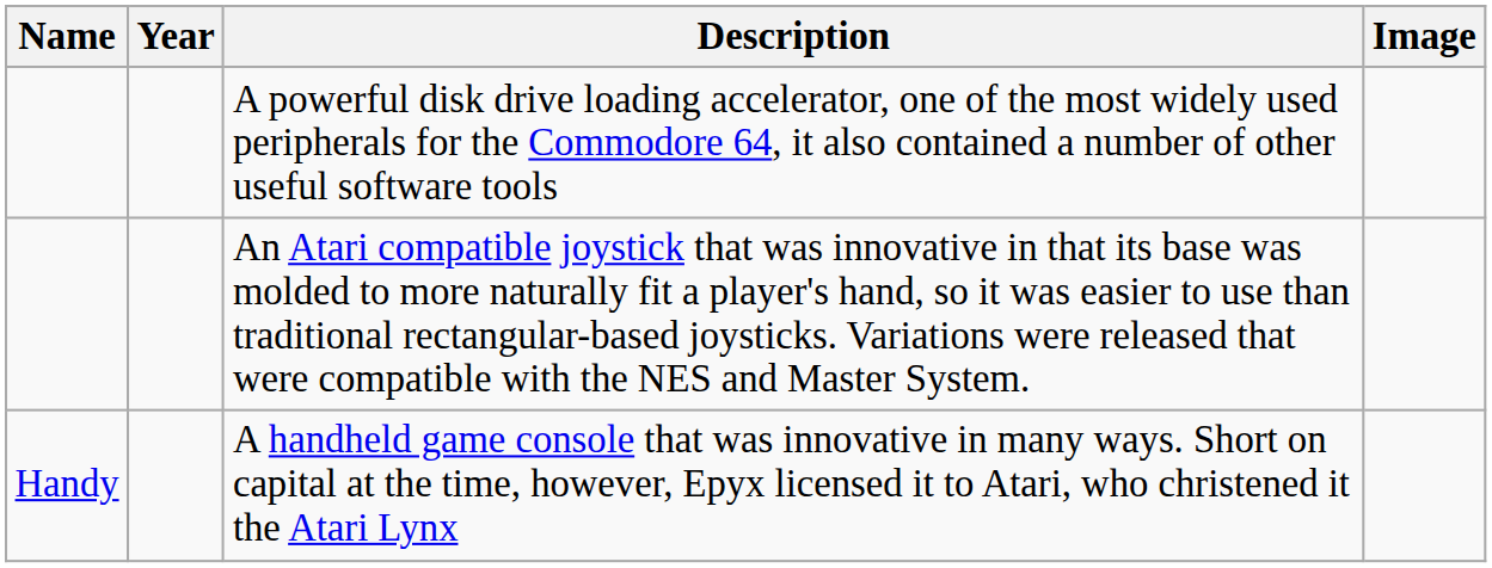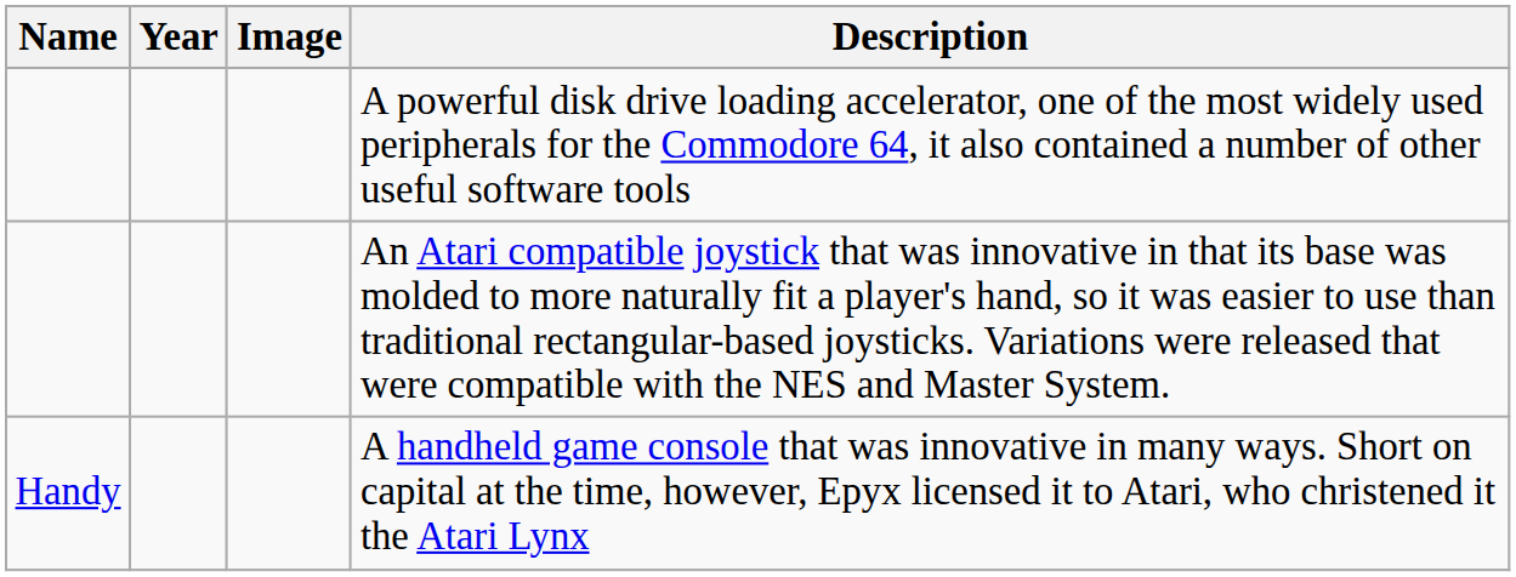 <table class="wikitable sortable">
 <tr>
 <th>Name</th>
 <th>Year</th>
+<th class="unsortable">Image</th>
 <th class="unsortable">Description</th>
-<th class="unsortable">Image</th>
 </tr>
 <tr>
 <td></td>
 <td></td>
+<td></td>
 <td {{nowrap>A powerful disk drive loading accelerator, one of the most widely used peripherals for the <a href='#'>Commodore 64</a>, it also contained a number of other useful software tools</td>
-<td></td>
 </tr>
 <tr>
 <td></td>
 <td></td>
+<td></td>
 <td>An <a href='#'>Atari compatible</a> <a href='#'>joystick</a> that was innovative in that its base was molded to more naturally fit a player's hand, so it was easier to use than traditional rectangular-based joysticks. Variations were released that were compatible with the NES and Master System.</td>
-<td></td>
 </tr>
 <tr>
 <td><a href='#'>Handy</a></td>
 <td></td>
+<td></td>
 <td>A <a href='#'>handheld game console</a> that was innovative in many ways. Short on capital at the time, however, Epyx licensed it to Atari, who christened it the <a href='#'>Atari Lynx</a></td>
-<td></td>
 </tr>
 </table>
